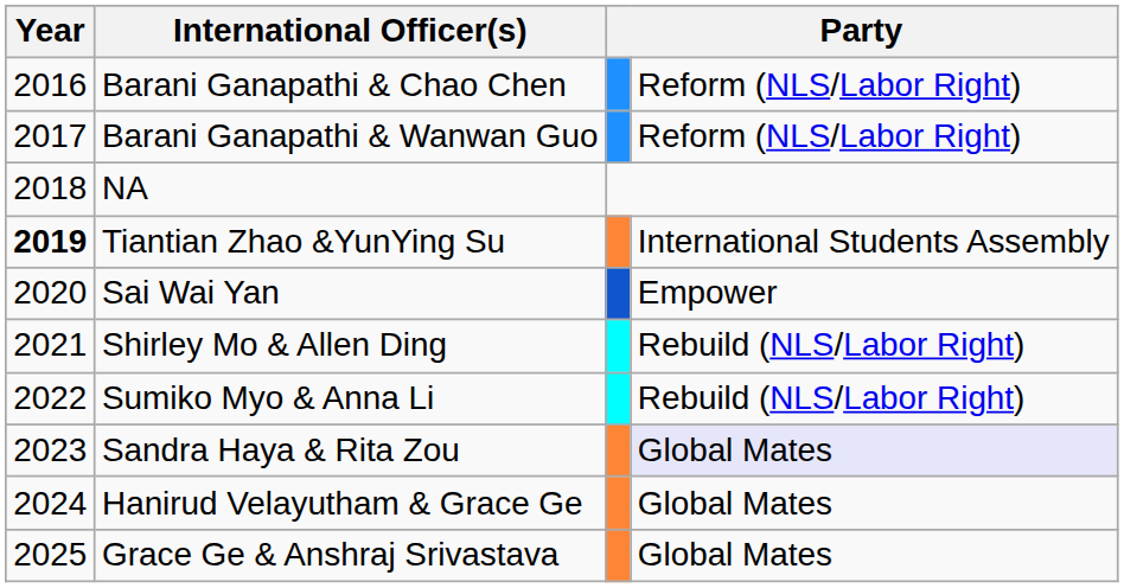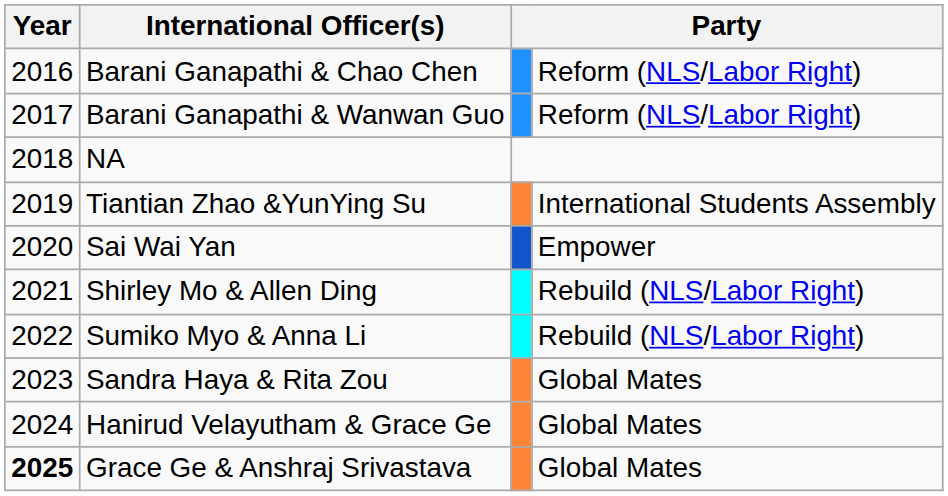 <table class="wikitable">
 <tr>
 <th>Year</th>
 <th>International Officer(s)</th>
 <th colspan="2">Party</th>
 </tr>
 <tr>
 <td>2016</td>
 <td>Barani Ganapathi & Chao Chen</td>
 <td style="background:#1E90FF"> </td>
 <td rowspan="1" style="text-align:left;">Reform (<a href='#'>NLS</a>/<a href='#'>Labor Right</a>)</td>
 </tr>
 <tr>
 <td>2017</td>
 <td>Barani Ganapathi & Wanwan Guo</td>
 <td style="background:#1E90FF"> </td>
 <td rowspan="1" style="text-align:left;">Reform (<a href='#'>NLS</a>/<a href='#'>Labor Right</a>)</td>
 </tr>
 <tr>
 <td>2018</td>
 <td>NA</td>
 </tr>
 <tr>
-<td><strong>2019</strong></td>
+<td>2019</td>
 <td>Tiantian Zhao &YunYing Su</td>
 <td style="background:#FF8536"> </td>
 <td rowspan="1" style="text-align:left;">International Students Assembly</td>
 </tr>
 <tr>
 <td>2020</td>
 <td>Sai Wai Yan</td>
 <td style="background:#1155CC"> </td>
 <td rowspan="1" style="text-align:left;">Empower</td>
 </tr>
 <tr>
 <td>2021</td>
 <td>Shirley Mo & Allen Ding</td>
 <td style="background:#00FFFF"> </td>
 <td rowspan="1" style="text-align:left;">Rebuild (<a href='#'>NLS</a>/<a href='#'>Labor Right</a>)</td>
 </tr>
 <tr>
 <td>2022</td>
 <td>Sumiko Myo & Anna Li</td>
 <td style="background:#00FFFF"> </td>
 <td rowspan="1" style="text-align:left;">Rebuild (<a href='#'>NLS</a>/<a href='#'>Labor Right</a>)</td>
 </tr>
 <tr>
 <td>2023</td>
 <td>Sandra Haya & Rita Zou</td>
 <td style="background:#FF8536"> </td>
-<td rowspan="1" style="background: lavender; text-align:left;">Global Mates</td>
+<td rowspan="1" style="text-align:left;">Global Mates</td>
 </tr>
 <tr>
 <td>2024</td>
 <td>Hanirud Velayutham & Grace Ge</td>
 <td style="background:#FF8536"> </td>
 <td rowspan="1" style="text-align:left;">Global Mates</td>
 </tr>
 <tr>
-<td>2025</td>
+<td><strong>2025</strong></td>
 <td>Grace Ge & Anshraj Srivastava</td>
 <td style="background:#FF8536"> </td>
 <td rowspan="1" style="text-align:left;">Global Mates</td>
 </tr>
 </table>
